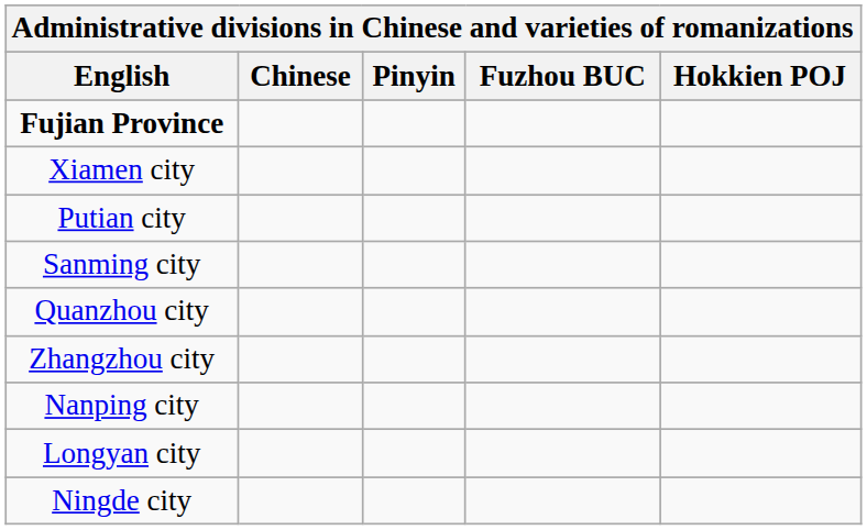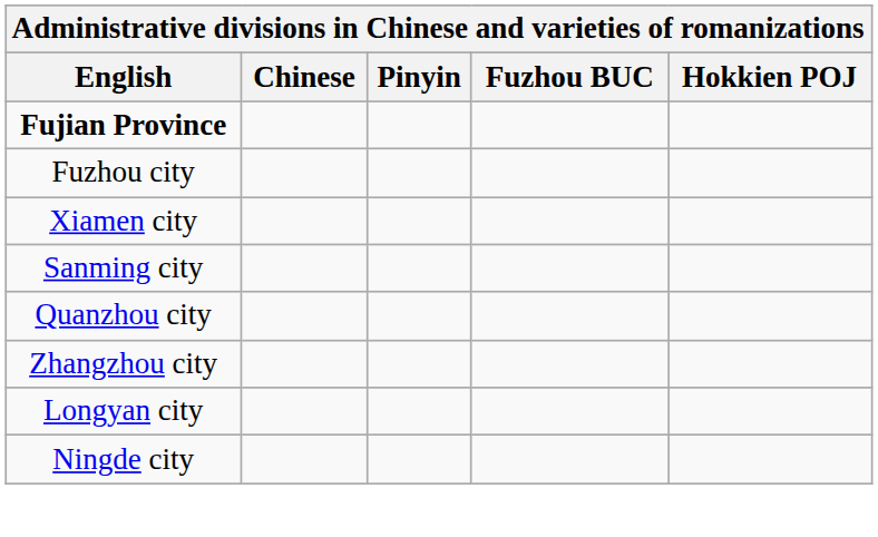 <table class="wikitable sortable collapsible collapsed" style="text-font:90%; width:auto; text-align:center; margin-left: auto; margin-right: auto;">
 <tr>
 <th colspan="5">Administrative divisions in Chinese and varieties of romanizations</th>
 </tr>
 <tr>
 <th>English</th>
 <th>Chinese</th>
 <th>Pinyin</th>
 <th>Fuzhou BUC</th>
 <th>Hokkien POJ</th>
 </tr>
 <tr>
 <td><strong>Fujian Province</strong></td>
 <td></td>
 <td></td>
 <td></td>
 <td></td>
 </tr>
 <tr>
-<td><a href='#'>Xiamen</a> city</td>
+<td>Fuzhou city</td>
 <td></td>
 <td></td>
 <td></td>
 <td></td>
 </tr>
 <tr>
-<td><a href='#'>Putian</a> city</td>
+<td><a href='#'>Xiamen</a> city</td>
 <td></td>
 <td></td>
 <td></td>
 <td></td>
 </tr>
 <tr>
 <td><a href='#'>Sanming</a> city</td>
 <td></td>
 <td></td>
 <td></td>
 <td></td>
 </tr>
 <tr>
 <td><a href='#'>Quanzhou</a> city</td>
 <td></td>
 <td></td>
 <td></td>
 <td></td>
 </tr>
 <tr>
 <td><a href='#'>Zhangzhou</a> city</td>
 <td></td>
 <td></td>
 <td></td>
 <td></td>
 </tr>
 <tr>
-<td><a href='#'>Nanping</a> city</td>
-<td></td>
-<td></td>
-<td></td>
-<td></td>
-</tr>
-<tr>
 <td><a href='#'>Longyan</a> city</td>
 <td></td>
 <td></td>
 <td></td>
 <td></td>
 </tr>
 <tr>
 <td><a href='#'>Ningde</a> city</td>
 <td></td>
 <td></td>
 <td></td>
 <td></td>
 </tr>
 </table>
